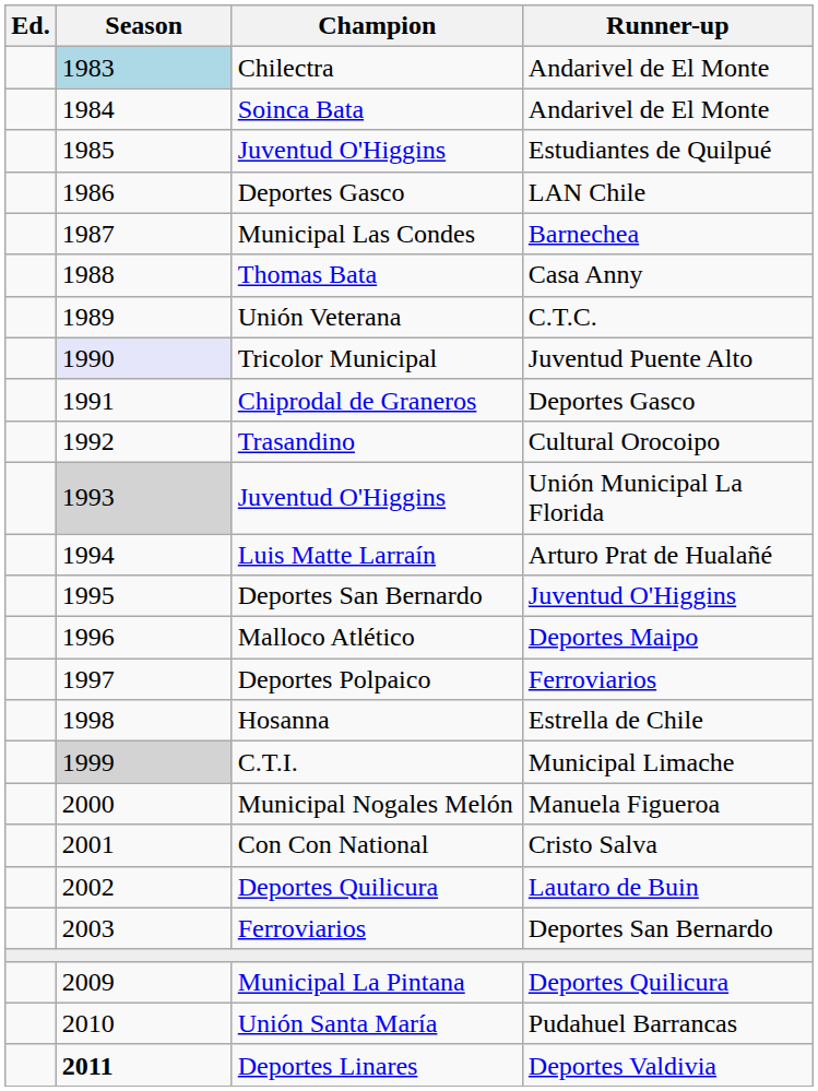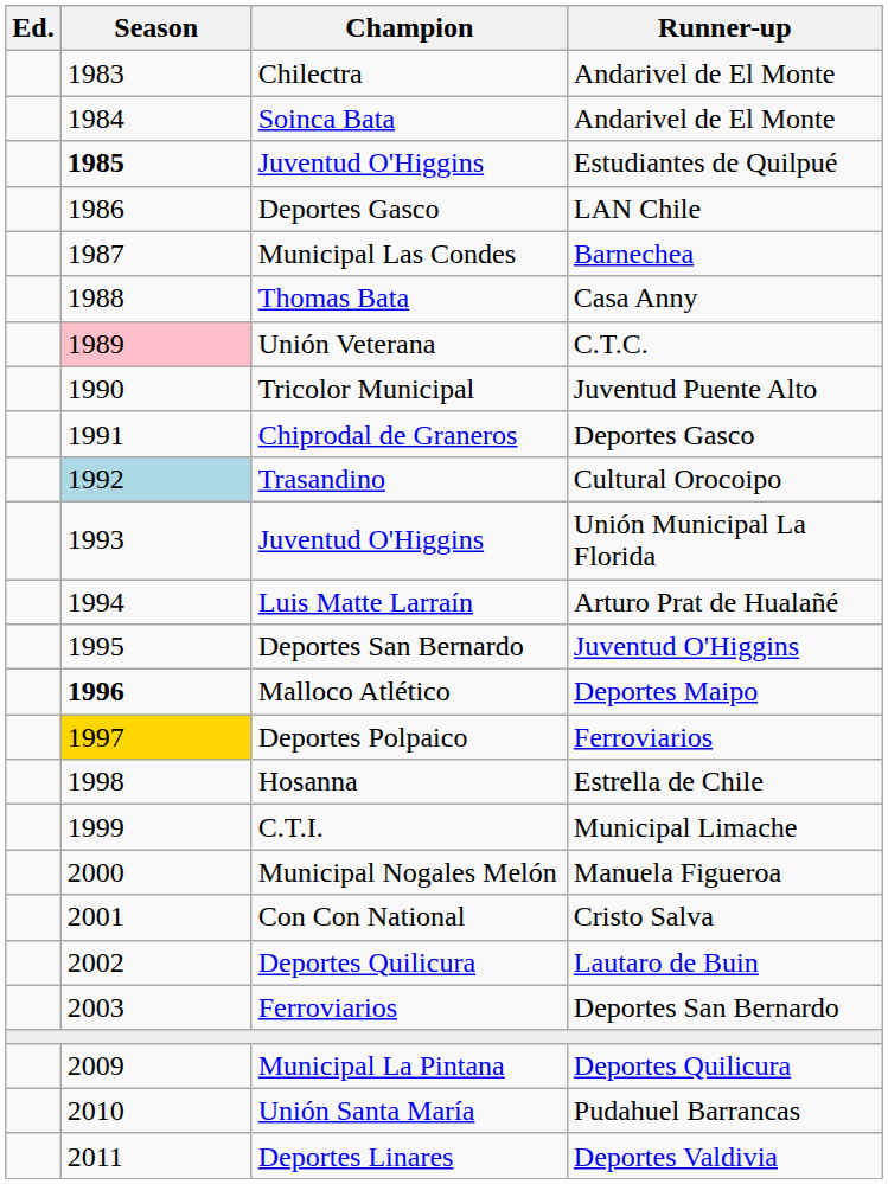 <table class="wikitable sortable">
 <tr>
 <th width=px>Ed.</th>
 <th width=100px>Season</th>
 <th width=170px>Champion</th>
 <th width=170px>Runner-up</th>
 </tr>
 <tr>
 <td></td>
-<td style="background: lightblue;">1983</td>
+<td>1983</td>
 <td>Chilectra</td>
 <td>Andarivel de El Monte</td>
 </tr>
 <tr>
 <td></td>
 <td>1984</td>
 <td><a href='#'>Soinca Bata</a></td>
 <td>Andarivel de El Monte</td>
 </tr>
 <tr>
 <td></td>
-<td>1985</td>
+<td><strong>1985</strong></td>
 <td><a href='#'>Juventud O'Higgins</a></td>
 <td>Estudiantes de Quilpué</td>
 </tr>
 <tr>
 <td></td>
 <td>1986</td>
 <td>Deportes Gasco</td>
 <td>LAN Chile</td>
 </tr>
 <tr>
 <td></td>
 <td>1987</td>
 <td>Municipal Las Condes</td>
 <td><a href='#'>Barnechea</a></td>
 </tr>
 <tr>
 <td></td>
 <td>1988</td>
 <td><a href='#'>Thomas Bata</a></td>
 <td>Casa Anny</td>
 </tr>
 <tr>
 <td></td>
-<td>1989</td>
+<td style="background: pink;">1989</td>
 <td>Unión Veterana</td>
 <td>C.T.C.</td>
 </tr>
 <tr>
 <td></td>
-<td style="background: lavender;">1990</td>
+<td>1990</td>
 <td>Tricolor Municipal</td>
 <td>Juventud Puente Alto</td>
 </tr>
 <tr>
 <td></td>
 <td>1991</td>
 <td><a href='#'>Chiprodal de Graneros</a></td>
 <td>Deportes Gasco</td>
 </tr>
 <tr>
 <td></td>
-<td>1992</td>
+<td style="background: lightblue;">1992</td>
 <td><a href='#'>Trasandino</a></td>
 <td>Cultural Orocoipo</td>
 </tr>
 <tr>
 <td></td>
-<td style="background: lightgrey;">1993</td>
+<td>1993</td>
 <td><a href='#'>Juventud O'Higgins</a></td>
 <td>Unión Municipal La Florida</td>
 </tr>
 <tr>
 <td></td>
 <td>1994</td>
 <td><a href='#'>Luis Matte Larraín</a></td>
 <td>Arturo Prat de Hualañé</td>
 </tr>
 <tr>
 <td></td>
 <td>1995</td>
 <td>Deportes San Bernardo</td>
 <td><a href='#'>Juventud O'Higgins</a></td>
 </tr>
 <tr>
 <td></td>
-<td>1996</td>
+<td><strong>1996</strong></td>
 <td>Malloco Atlético</td>
 <td><a href='#'>Deportes Maipo</a></td>
 </tr>
 <tr>
 <td></td>
-<td>1997</td>
+<td style="background: gold;">1997</td>
 <td>Deportes Polpaico</td>
 <td><a href='#'>Ferroviarios</a></td>
 </tr>
 <tr>
 <td></td>
 <td>1998</td>
 <td>Hosanna</td>
 <td>Estrella de Chile</td>
 </tr>
 <tr>
 <td></td>
-<td style="background: lightgrey;">1999</td>
+<td>1999</td>
 <td>C.T.I.</td>
 <td>Municipal Limache</td>
 </tr>
 <tr>
 <td></td>
 <td>2000</td>
 <td>Municipal Nogales Melón</td>
 <td>Manuela Figueroa</td>
 </tr>
 <tr>
 <td></td>
 <td>2001</td>
 <td>Con Con National</td>
 <td>Cristo Salva</td>
 </tr>
 <tr>
 <td></td>
 <td>2002</td>
 <td><a href='#'>Deportes Quilicura</a></td>
 <td><a href='#'>Lautaro de Buin</a></td>
 </tr>
 <tr>
 <td></td>
 <td>2003</td>
 <td><a href='#'>Ferroviarios</a></td>
 <td>Deportes San Bernardo</td>
 </tr>
 <tr style="background:#eee;">
 <td colspan=4></td>
 </tr>
 <tr>
 <td></td>
 <td>2009</td>
 <td><a href='#'>Municipal La Pintana</a></td>
 <td><a href='#'>Deportes Quilicura</a></td>
 </tr>
 <tr>
 <td></td>
 <td>2010</td>
 <td><a href='#'>Unión Santa María</a></td>
 <td>Pudahuel Barrancas</td>
 </tr>
 <tr>
 <td></td>
-<td><strong>2011</strong></td>
+<td>2011</td>
 <td><a href='#'>Deportes Linares</a></td>
 <td><a href='#'>Deportes Valdivia</a></td>
 </tr>
 <tr>
 </tr>
 </table>
